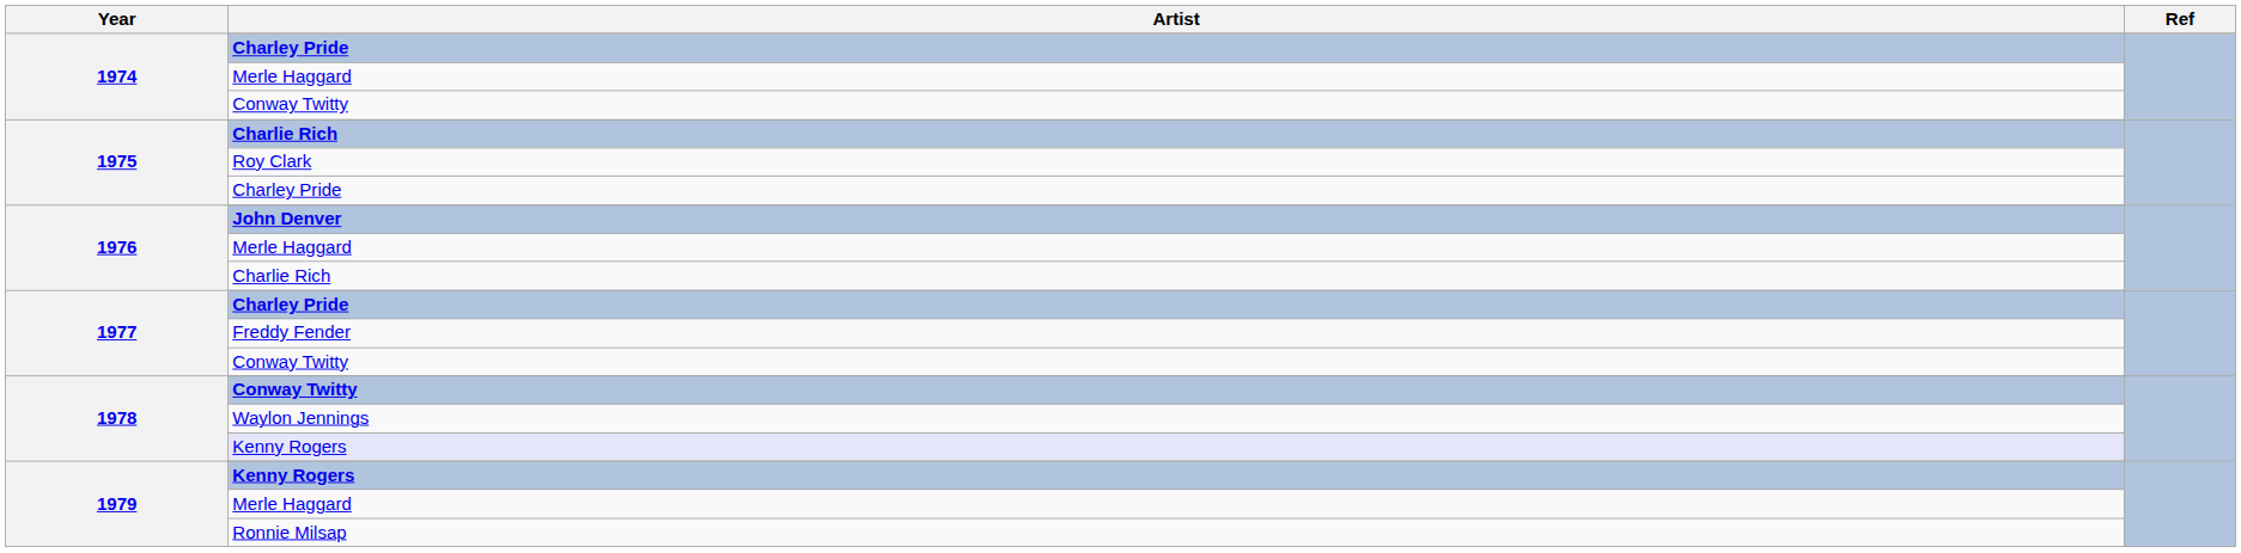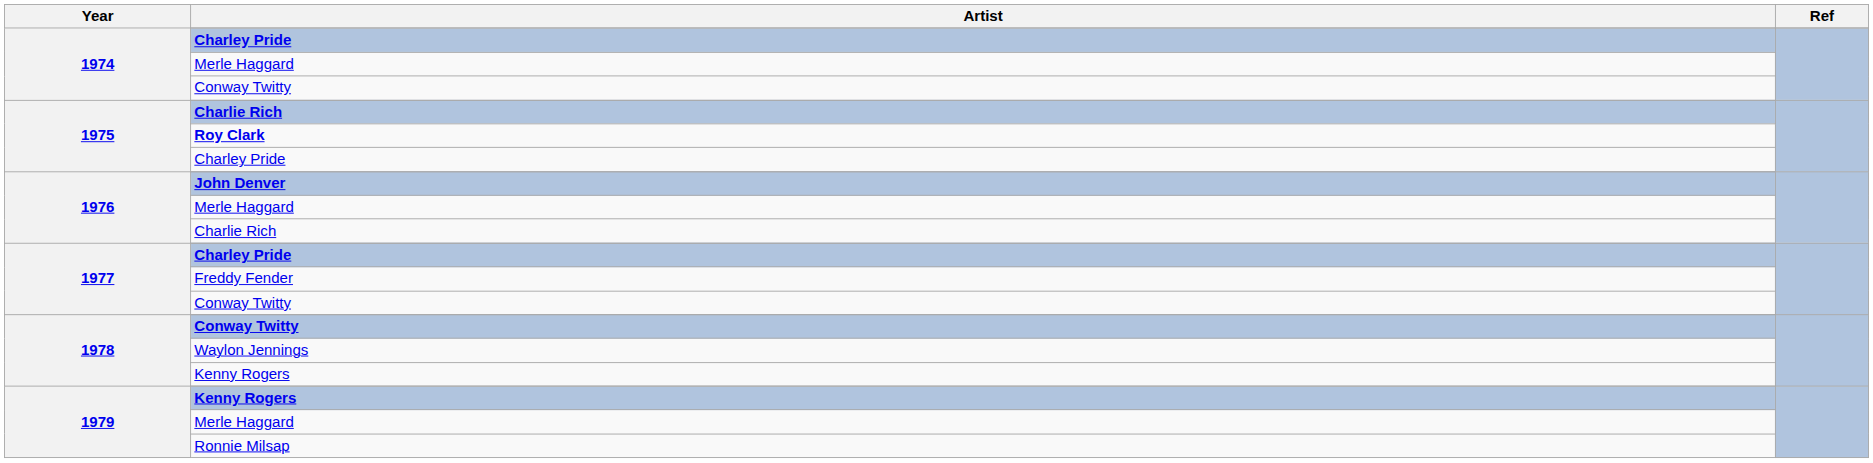 <table class="wikitable" width="100%">
 <tr>
 <th width="10%">Year</th>
 <th width="85%">Artist</th>
 <th width="5%">Ref</th>
 </tr>
 <tr>
 <th rowspan="4" align="center"><a href='#'>1974<br></a></th>
 </tr>
 <tr style="background:#B0C4DE">
 <td><strong><a href='#'>Charley Pride</a></strong></td>
 <td rowspan="4" align="center"></td>
 </tr>
 <tr>
 <td><a href='#'>Merle Haggard</a></td>
 </tr>
 <tr>
 <td><a href='#'>Conway Twitty</a></td>
 </tr>
 <tr>
 <th rowspan="4" align="center"><a href='#'>1975<br></a></th>
 </tr>
 <tr style="background:#B0C4DE">
 <td><strong><a href='#'>Charlie Rich</a></strong></td>
 <td rowspan="4" align="center"></td>
 </tr>
 <tr>
-<td><a href='#'>Roy Clark</a></td>
+<td><strong><a href='#'>Roy Clark</a></strong></td>
 </tr>
 <tr>
 <td><a href='#'>Charley Pride</a></td>
 </tr>
 <tr>
 <th rowspan="4" align="center"><a href='#'>1976<br></a></th>
 </tr>
 <tr style="background:#B0C4DE">
 <td><strong><a href='#'>John Denver</a></strong></td>
 <td rowspan="4" align="center"></td>
 </tr>
 <tr>
 <td><a href='#'>Merle Haggard</a></td>
 </tr>
 <tr>
 <td><a href='#'>Charlie Rich</a></td>
 </tr>
 <tr>
 <th rowspan="4" align="center"><a href='#'>1977<br></a></th>
 </tr>
 <tr style="background:#B0C4DE">
 <td><strong><a href='#'>Charley Pride</a></strong></td>
 <td rowspan="4" align="center"></td>
 </tr>
 <tr>
 <td><a href='#'>Freddy Fender</a></td>
 </tr>
 <tr>
 <td><a href='#'>Conway Twitty</a></td>
 </tr>
 <tr>
 <th rowspan="4" align="center"><a href='#'>1978<br></a></th>
 </tr>
 <tr style="background:#B0C4DE">
 <td><strong><a href='#'>Conway Twitty</a></strong></td>
 <td rowspan="4" align="center"></td>
 </tr>
 <tr>
 <td><a href='#'>Waylon Jennings</a></td>
 </tr>
 <tr>
-<td style="background: lavender;"><a href='#'>Kenny Rogers</a></td>
+<td><a href='#'>Kenny Rogers</a></td>
 </tr>
 <tr>
 <th rowspan="4" align="center"><a href='#'>1979<br></a></th>
 </tr>
 <tr style="background:#B0C4DE">
 <td><strong><a href='#'>Kenny Rogers</a></strong></td>
 <td rowspan="4" align="center"></td>
 </tr>
 <tr>
 <td><a href='#'>Merle Haggard</a></td>
 </tr>
 <tr>
 <td><a href='#'>Ronnie Milsap</a></td>
 </tr>
 </table>
